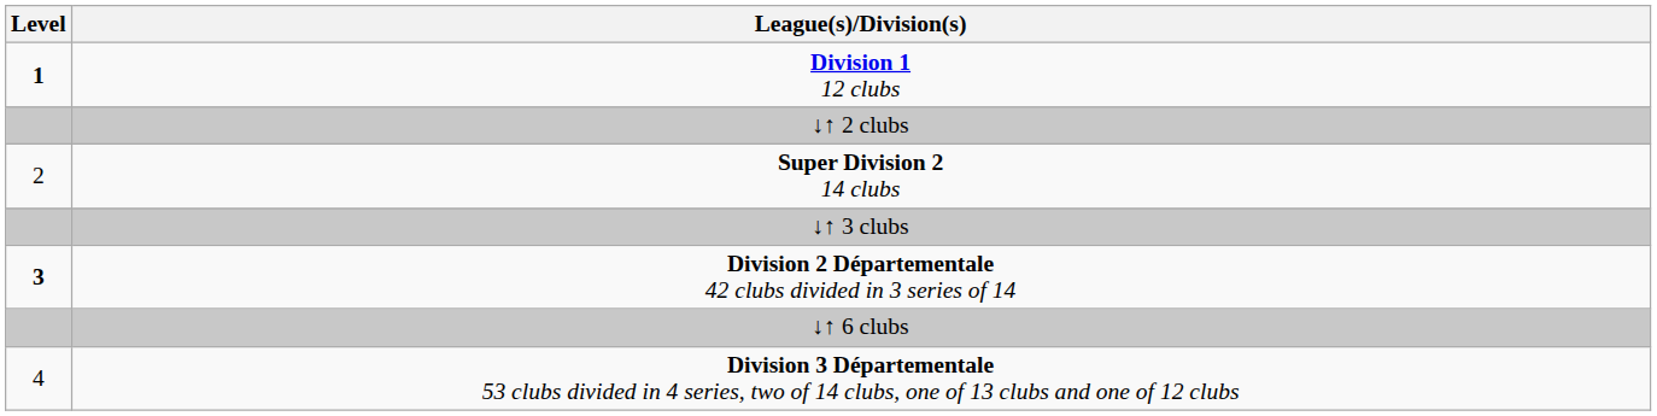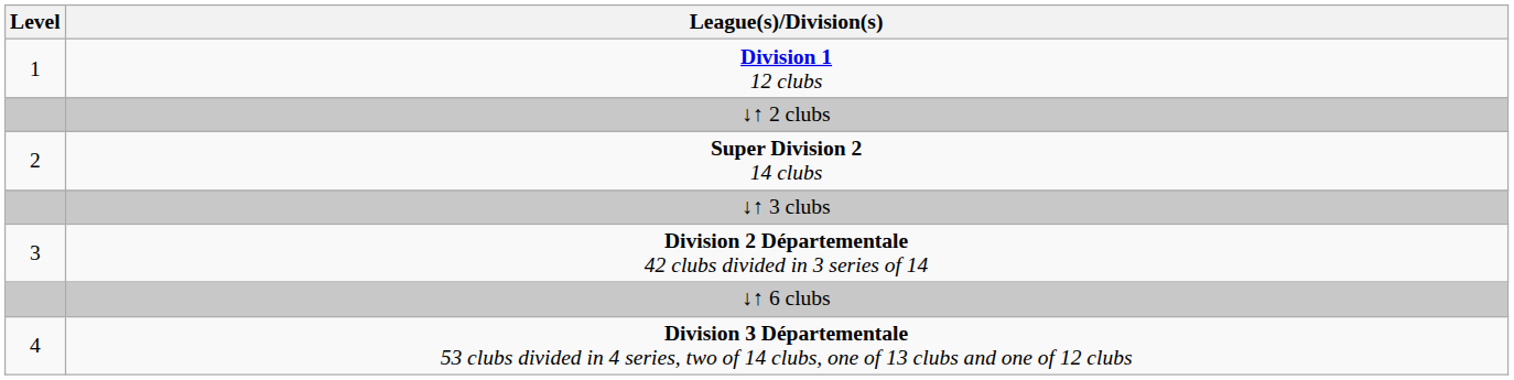 <table class="wikitable" style="text-align: center;">
 <tr>
 <th>Level</th>
 <th colspan="12">League(s)/Division(s)</th>
 </tr>
 <tr>
-<td><strong>1</strong></td>
+<td>1</td>
 <td colspan="12"><strong><a href='#'>Division 1</a></strong><br><em>12 clubs</em></td>
 </tr>
 <tr style="background:#c8c8c8">
 <td style="width:4%;"></td>
 <td colspan="9" style="width:96%;">↓↑ 2 clubs</td>
 </tr>
 <tr>
 <td>2</td>
 <td colspan="12"><strong>Super Division 2</strong><br><em>14 clubs</em></td>
 </tr>
 <tr style="background:#c8c8c8">
 <td style="width:4%;"></td>
 <td colspan="9" style="width:96%;">↓↑ 3 clubs</td>
 </tr>
 <tr>
-<td><strong>3</strong></td>
+<td>3</td>
 <td colspan="12"><strong>Division 2 Départementale</strong><br><em>42 clubs divided in 3 series of 14</em></td>
 </tr>
 <tr style="background:#c8c8c8">
 <td style="width:4%;"></td>
 <td colspan="9" style="width:96%;">↓↑ 6 clubs</td>
 </tr>
 <tr>
 <td>4</td>
 <td colspan="12"><strong>Division 3 Départementale</strong><br><em>53 clubs divided in 4 series, two of 14 clubs, one of 13 clubs and one of 12 clubs</em></td>
 </tr>
 </table>
